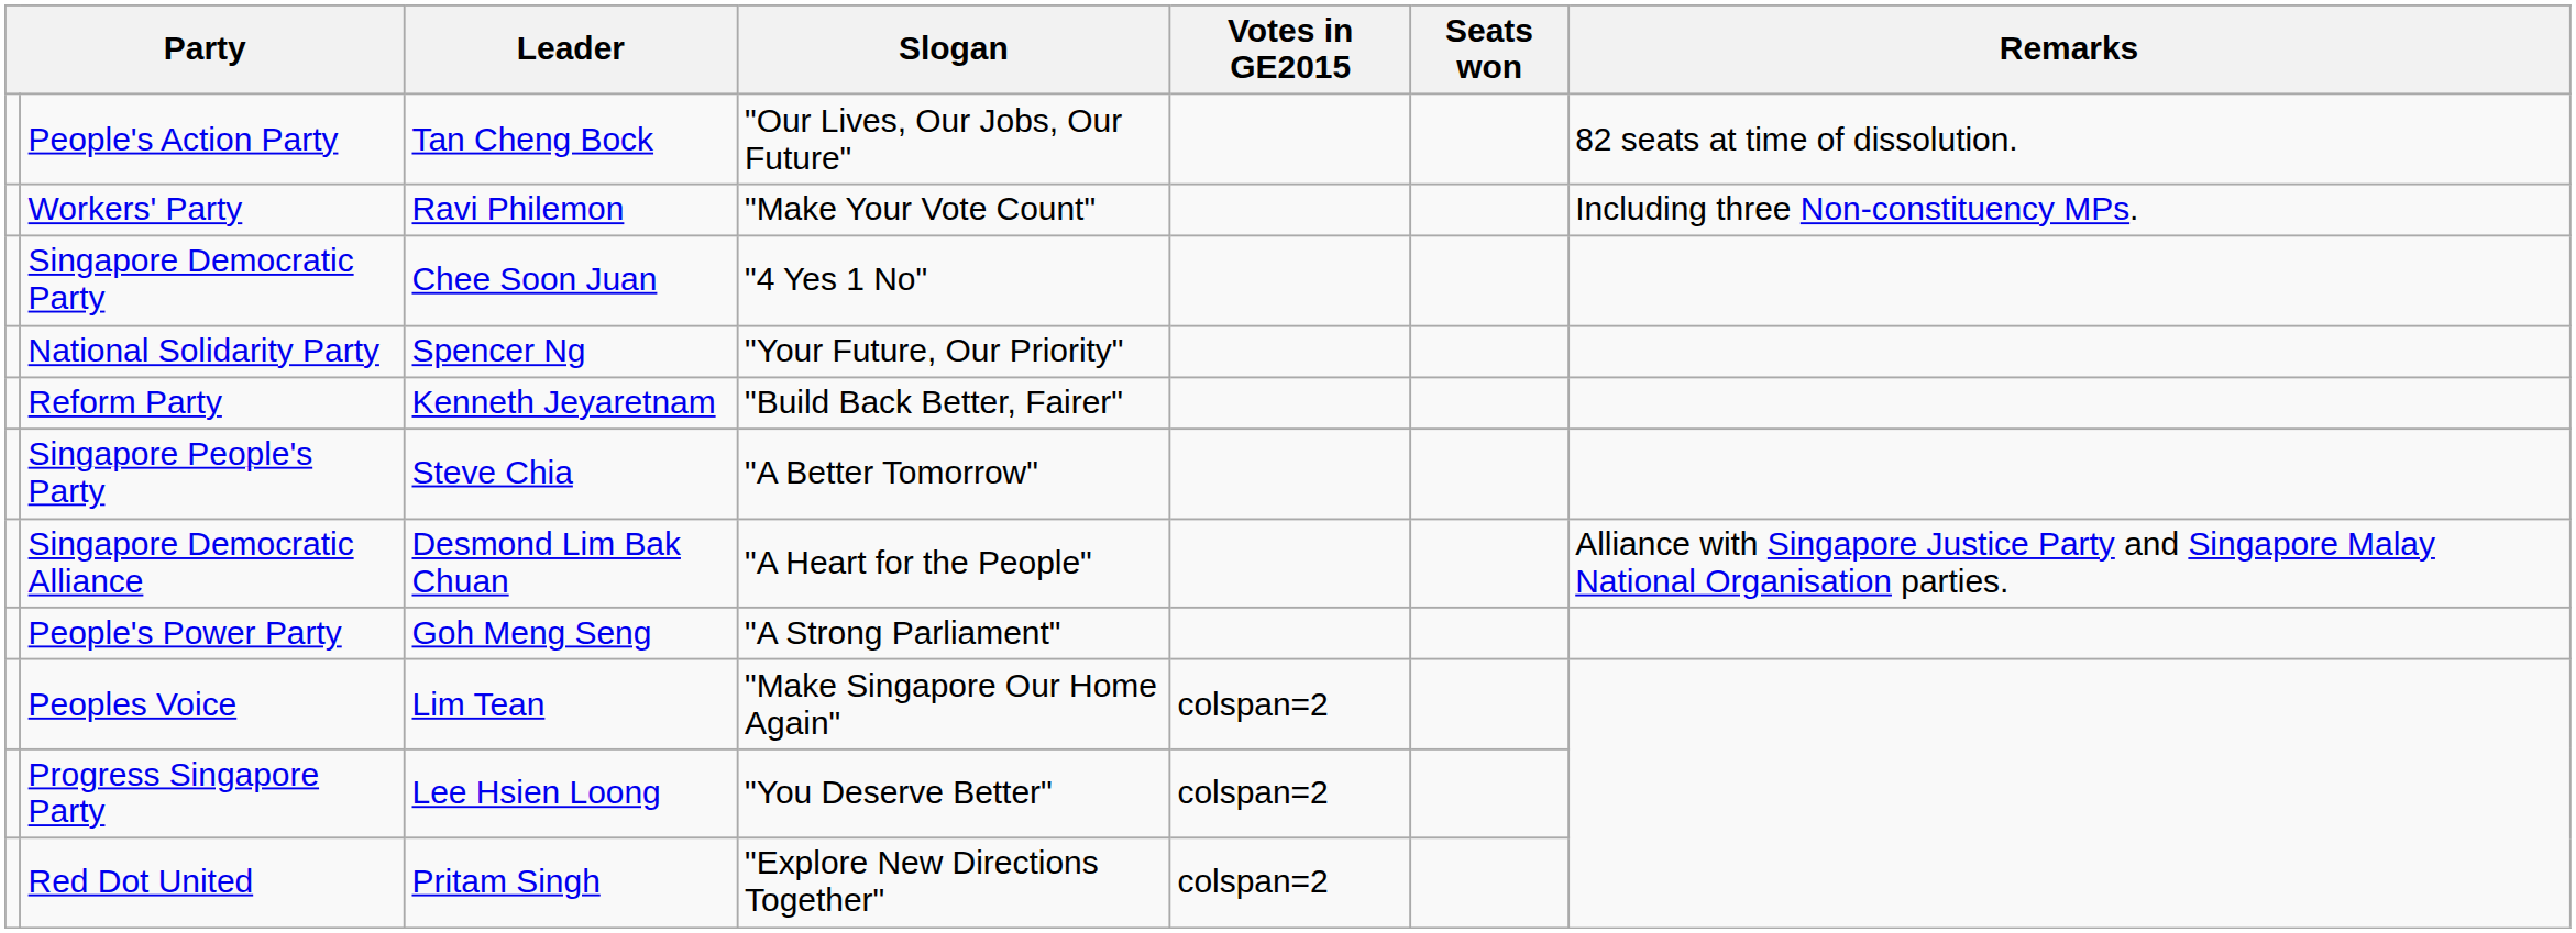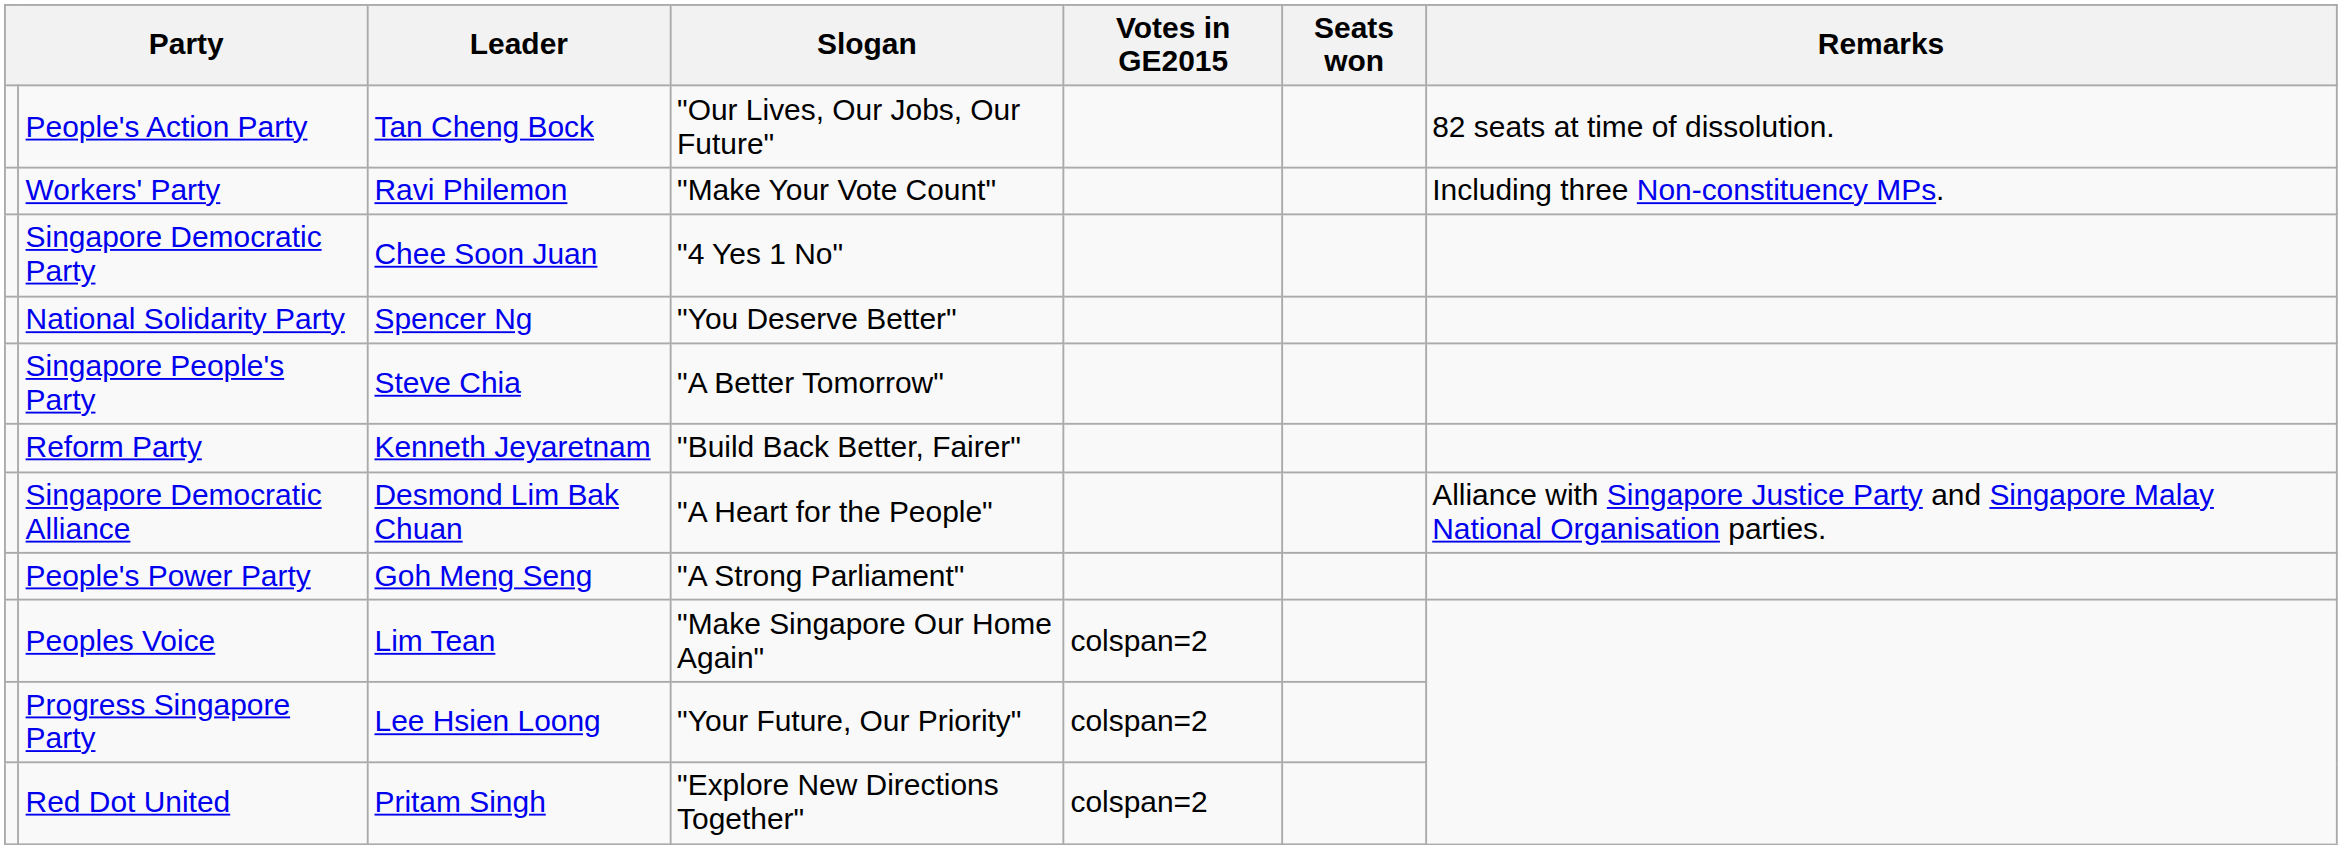 <table class="wikitable">
 <tr>
 <th colspan=2>Party</th>
 <th>Leader</th>
 <th>Slogan</th>
 <th>Votes in GE2015</th>
 <th>Seats won</th>
 <th>Remarks</th>
 </tr>
 <tr>
 <td style="background: "></td>
 <td><a href='#'>People's Action Party</a></td>
 <td><a href='#'>Tan Cheng Bock</a></td>
 <td>"Our Lives, Our Jobs, Our Future"</td>
 <td></td>
 <td></td>
 <td>82 seats at time of dissolution.</td>
 </tr>
 <tr>
 <td style="background: "></td>
 <td><a href='#'>Workers' Party</a></td>
 <td><a href='#'>Ravi Philemon</a></td>
 <td>"Make Your Vote Count"</td>
 <td></td>
 <td></td>
 <td>Including three <a href='#'>Non-constituency MPs</a>.</td>
 </tr>
 <tr>
 <td style="background: "></td>
 <td><a href='#'>Singapore Democratic Party</a></td>
 <td><a href='#'>Chee Soon Juan</a></td>
 <td>"4 Yes 1 No"</td>
 <td></td>
 <td></td>
 <td></td>
 </tr>
 <tr>
 <td style="background: "></td>
 <td><a href='#'>National Solidarity Party</a></td>
 <td><a href='#'>Spencer Ng</a></td>
-<td>"Your Future, Our Priority"</td>
+<td>"You Deserve Better"</td>
+<td></td>
+<td></td>
+<td></td>
+</tr>
+<tr>
+<td style="background: "></td>
+<td><a href='#'>Singapore People's Party</a></td>
+<td><a href='#'>Steve Chia</a></td>
+<td>"A Better Tomorrow"</td>
 <td></td>
 <td></td>
 <td></td>
 </tr>
 <tr>
 <td style="background: "></td>
 <td><a href='#'>Reform Party</a></td>
 <td><a href='#'>Kenneth Jeyaretnam</a></td>
 <td>"Build Back Better, Fairer"</td>
-<td></td>
-<td></td>
-<td></td>
-</tr>
-<tr>
-<td style="background: "></td>
-<td><a href='#'>Singapore People's Party</a></td>
-<td><a href='#'>Steve Chia</a></td>
-<td>"A Better Tomorrow"</td>
 <td></td>
 <td></td>
 <td></td>
 </tr>
 <tr>
 <td style="background: "></td>
 <td><a href='#'>Singapore Democratic Alliance</a></td>
 <td><a href='#'>Desmond Lim Bak Chuan</a></td>
 <td>"A Heart for the People"</td>
 <td></td>
 <td></td>
 <td>Alliance with <a href='#'>Singapore Justice Party</a> and <a href='#'>Singapore Malay National Organisation</a> parties.</td>
 </tr>
 <tr>
 <td style="background: "></td>
 <td><a href='#'>People's Power Party</a></td>
 <td><a href='#'>Goh Meng Seng</a></td>
 <td>"A Strong Parliament"</td>
 <td></td>
 <td></td>
 <td></td>
 </tr>
 <tr>
 <td style="background: "></td>
 <td><a href='#'>Peoples Voice</a></td>
 <td><a href='#'>Lim Tean</a></td>
 <td>"Make Singapore Our Home Again"</td>
 <td>colspan=2 </td>
 <td></td>
 </tr>
 <tr>
 <td style="background: "></td>
 <td><a href='#'>Progress Singapore Party</a></td>
 <td><a href='#'>Lee Hsien Loong</a></td>
-<td>"You Deserve Better"</td>
+<td>"Your Future, Our Priority"</td>
 <td>colspan=2 </td>
 <td></td>
 </tr>
 <tr>
 <td style="background: "></td>
 <td><a href='#'>Red Dot United</a></td>
 <td><a href='#'>Pritam Singh</a></td>
 <td>"Explore New Directions Together"</td>
 <td>colspan=2 </td>
 <td></td>
 </tr>
 <tr>
 </tr>
 </table>
